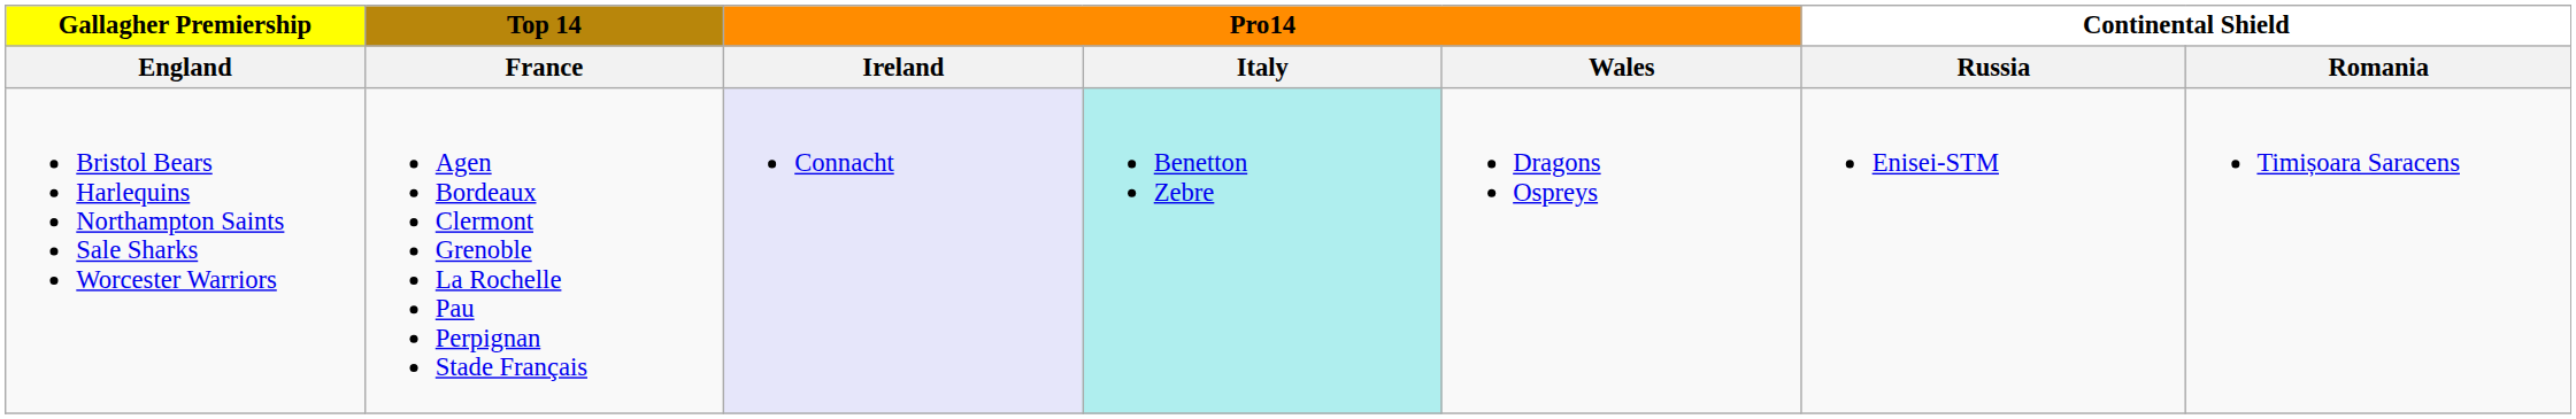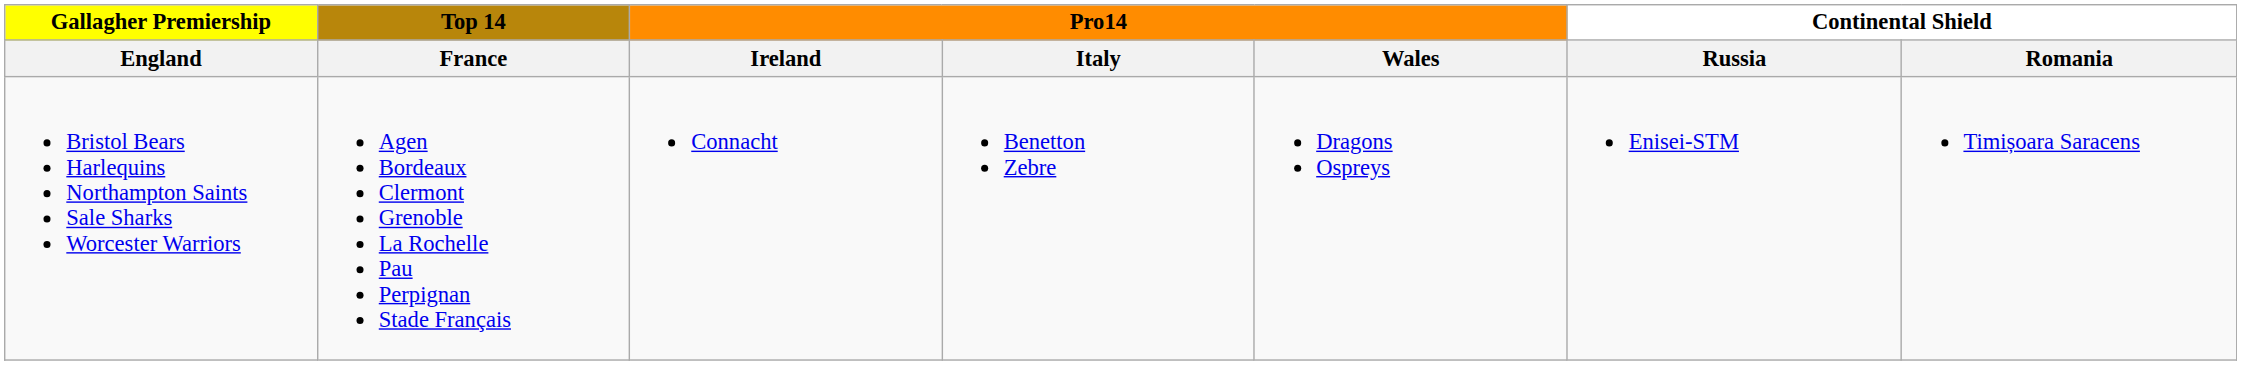 <table class="wikitable" style="width:100%;">
 <tr>
 <th style="background: #ffff00;">Gallagher Premiership</th>
 <th style="background: #b8860b;">Top 14</th>
 <th colspan="3" style="background: #ff8c00;">Pro14</th>
 <th colspan="2" style="background: #ffffff;">Continental Shield</th>
 </tr>
 <tr>
 <th width=14%> England</th>
 <th width=14%> France</th>
 <th width=14%> Ireland</th>
 <th width=14%> Italy</th>
 <th width=14%> Wales</th>
 <th width=15%> Russia</th>
 <th width=15%> Romania</th>
 </tr>
 <tr valign=top>
 <td><br><ul><li><a href='#'>Bristol Bears</a></li><li><a href='#'>Harlequins</a></li><li><a href='#'>Northampton Saints</a></li><li><a href='#'>Sale Sharks</a></li><li><a href='#'>Worcester Warriors</a></li></ul></td>
 <td><br><ul><li><a href='#'>Agen</a></li><li><a href='#'>Bordeaux</a></li><li><a href='#'>Clermont</a></li><li><a href='#'>Grenoble</a></li><li><a href='#'>La Rochelle</a></li><li><a href='#'>Pau</a></li><li><a href='#'>Perpignan</a></li><li><a href='#'>Stade Français</a></li></ul></td>
-<td style="background: lavender;"><br><ul><li><a href='#'>Connacht</a></li></ul></td>
-<td style="background: paleturquoise;"><br><ul><li><a href='#'>Benetton</a></li><li><a href='#'>Zebre</a></li></ul></td>
+<td><br><ul><li><a href='#'>Connacht</a></li></ul></td>
+<td><br><ul><li><a href='#'>Benetton</a></li><li><a href='#'>Zebre</a></li></ul></td>
 <td><br><ul><li><a href='#'>Dragons</a></li><li><a href='#'>Ospreys</a></li></ul></td>
 <td><br><ul><li><a href='#'>Enisei-STM</a></li></ul></td>
 <td><br><ul><li><a href='#'>Timișoara Saracens</a></li></ul></td>
 </tr>
 </table>
